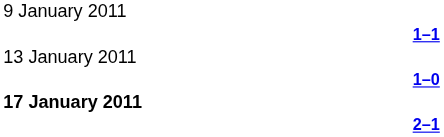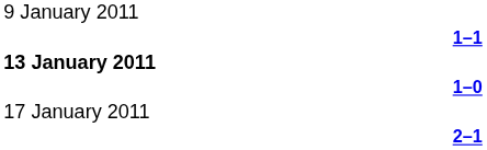 <table style="width:70%;" cellspacing="1">
 <tr>
 <th width=35%></th>
 <th width=15%></th>
 <th></th>
 </tr>
 <tr>
 <td>9 January 2011</td>
 </tr>
 <tr style=font-size:90%>
 <td align=right><strong></strong></td>
 <td align=center><strong><a href='#'>1–1</a></strong></td>
 <td><strong></strong></td>
 </tr>
 <tr>
-<td>13 January 2011</td>
+<td><strong>13 January 2011</strong></td>
 </tr>
 <tr style=font-size:90%>
 <td align=right><strong></strong></td>
 <td align=center><strong><a href='#'>1–0</a></strong></td>
 <td><strong></strong></td>
 </tr>
 <tr>
-<td><strong>17 January 2011</strong></td>
+<td>17 January 2011</td>
 </tr>
 <tr style=font-size:90%>
 <td align=right><strong></strong></td>
 <td align=center><strong><a href='#'>2–1</a></strong></td>
 <td><strong></strong></td>
 </tr>
 </table>
